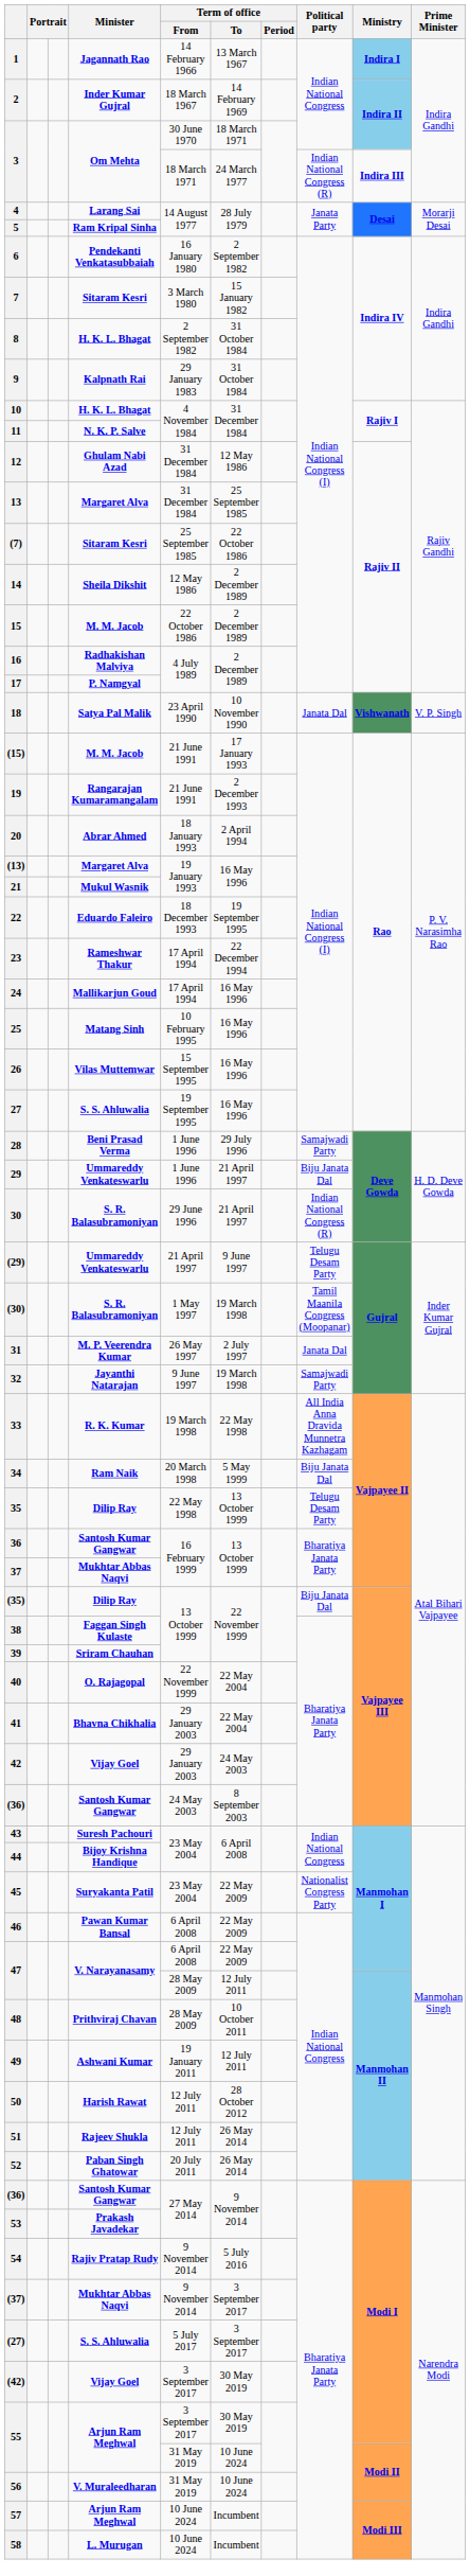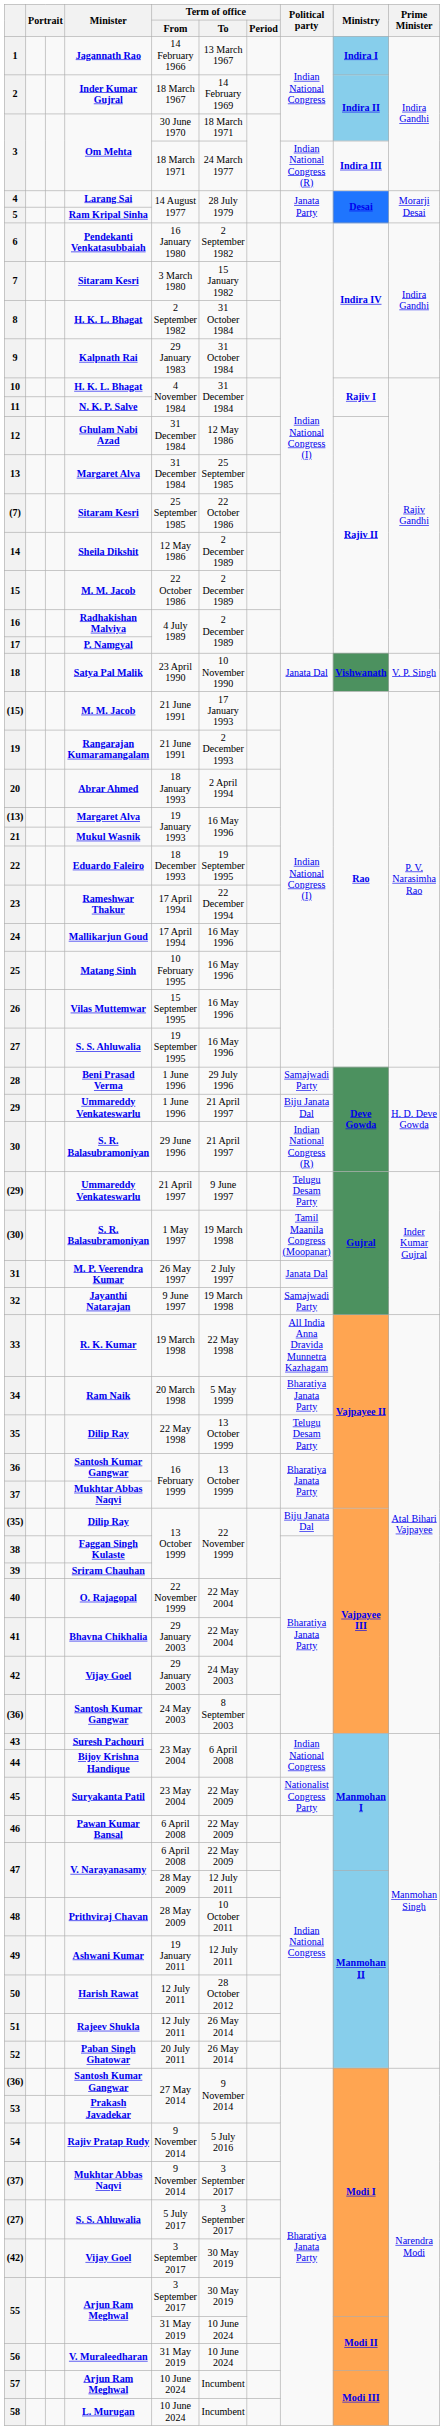 <table class="wikitable" style="text-align:center">
 <tr>
 <th rowspan="2"></th>
 <th colspan="2" rowspan="2">Portrait</th>
 <th rowspan="2" style="width:18em">Minister<br></th>
 <th colspan="3">Term of office</th>
 <th rowspan="2" style="width:8em">Political party</th>
 <th rowspan="2">Ministry</th>
 <th rowspan="2" style="width:9em">Prime Minister</th>
 </tr>
 <tr>
 <th style="width:7em">From</th>
 <th style="width:7em">To</th>
 <th style="width:5em">Period</th>
 </tr>
 <tr>
 <th>1</th>
 <td></td>
 <td></td>
 <td><strong><a href='#'>Jagannath Rao</a></strong><br></td>
 <td>14 February<br>1966</td>
 <td>13 March<br>1967</td>
 <td><strong></strong></td>
 <td rowspan="3"><a href='#'>Indian National Congress</a></td>
 <td bgcolor="#87CEEB"><strong><a href='#'>Indira I</a></strong></td>
 <td rowspan="4"><a href='#'>Indira Gandhi</a></td>
 </tr>
 <tr>
 <th>2</th>
 <td></td>
 <td></td>
 <td><strong><a href='#'>Inder Kumar Gujral</a></strong><br></td>
 <td>18 March<br>1967</td>
 <td>14 February<br>1969</td>
 <td><strong></strong></td>
 <td rowspan="2" bgcolor="#87CEEB"><strong><a href='#'>Indira II</a></strong></td>
 </tr>
 <tr>
 <th rowspan="2">3</th>
 <td rowspan="2"></td>
 <td rowspan="2"></td>
 <td rowspan="2"><strong><a href='#'>Om Mehta</a></strong><br></td>
 <td>30 June<br>1970</td>
 <td>18 March<br>1971</td>
 <td rowspan="2"><strong></strong></td>
 </tr>
 <tr>
 <td>18 March<br>1971</td>
 <td>24 March<br>1977</td>
 <td><a href='#'>Indian National Congress (R)</a></td>
 <td><strong><a href='#'>Indira III</a></strong></td>
 </tr>
 <tr>
 <th>4</th>
 <td></td>
 <td></td>
 <td><strong><a href='#'>Larang Sai</a></strong><br></td>
 <td rowspan="2">14 August<br>1977</td>
 <td rowspan="2">28 July<br>1979</td>
 <td rowspan="2"><strong></strong></td>
 <td rowspan="2"><a href='#'>Janata Party</a></td>
 <td rowspan="2" bgcolor="#1F75FE"><a href='#'><strong>Desai</strong></a></td>
 <td rowspan="2"><a href='#'>Morarji Desai</a></td>
 </tr>
 <tr>
 <th>5</th>
 <td></td>
 <td></td>
 <td><strong><a href='#'>Ram Kripal Sinha</a></strong><br></td>
 </tr>
 <tr>
 <th>6</th>
 <td></td>
 <td></td>
 <td><strong><a href='#'>Pendekanti Venkatasubbaiah</a></strong><br></td>
 <td>16 January<br>1980</td>
 <td>2 September<br>1982</td>
 <td><strong></strong></td>
 <td rowspan="13"><a href='#'>Indian National Congress (I)</a></td>
 <td rowspan="4"><strong><a href='#'>Indira IV</a></strong></td>
 <td rowspan="4"><a href='#'>Indira Gandhi</a></td>
 </tr>
 <tr>
 <th>7</th>
 <td></td>
 <td></td>
 <td><strong><a href='#'>Sitaram Kesri</a></strong><br></td>
 <td>3 March<br>1980</td>
 <td>15 January<br>1982</td>
 <td><strong></strong></td>
 </tr>
 <tr>
 <th>8</th>
 <td></td>
 <td></td>
 <td><strong><a href='#'>H. K. L. Bhagat</a></strong><br></td>
 <td>2 September<br>1982</td>
 <td>31 October<br>1984</td>
 <td><strong></strong></td>
 </tr>
 <tr>
 <th>9</th>
 <td></td>
 <td></td>
 <td><strong><a href='#'>Kalpnath Rai</a></strong><br></td>
 <td>29 January<br>1983</td>
 <td>31 October<br>1984</td>
 <td><strong></strong></td>
 </tr>
 <tr>
 <th>10</th>
 <td></td>
 <td></td>
 <td><strong><a href='#'>H. K. L. Bhagat</a></strong><br></td>
 <td rowspan="2">4 November<br>1984</td>
 <td rowspan="2">31 December<br>1984</td>
 <td rowspan="2"><strong></strong></td>
 <td rowspan="2"><strong><a href='#'>Rajiv I</a></strong></td>
 <td rowspan="9"><a href='#'>Rajiv Gandhi</a></td>
 </tr>
 <tr>
 <th>11</th>
 <td></td>
 <td></td>
 <td><strong><a href='#'>N. K. P. Salve</a></strong><br></td>
 </tr>
 <tr>
 <th>12</th>
 <td></td>
 <td></td>
 <td><strong><a href='#'>Ghulam Nabi Azad</a></strong><br></td>
 <td>31 December<br>1984</td>
 <td>12 May<br>1986</td>
 <td><strong></strong></td>
 <td rowspan="7"><strong><a href='#'>Rajiv II</a></strong></td>
 </tr>
 <tr>
 <th>13</th>
 <td></td>
 <td></td>
 <td><strong><a href='#'>Margaret Alva</a></strong><br></td>
 <td>31 December<br>1984</td>
 <td>25 September<br>1985</td>
 <td><strong></strong></td>
 </tr>
 <tr>
 <th>(7)</th>
 <td></td>
 <td></td>
 <td><strong><a href='#'>Sitaram Kesri</a></strong><br></td>
 <td>25 September<br>1985</td>
 <td>22 October<br>1986</td>
 <td><strong></strong></td>
 </tr>
 <tr>
 <th>14</th>
 <td></td>
 <td></td>
 <td><strong><a href='#'>Sheila Dikshit</a></strong><br></td>
 <td>12 May<br>1986</td>
 <td>2 December<br>1989</td>
 <td><strong></strong></td>
 </tr>
 <tr>
 <th>15</th>
 <td></td>
 <td></td>
 <td><strong><a href='#'>M. M. Jacob</a></strong><br></td>
 <td>22 October<br>1986</td>
 <td>2 December<br>1989</td>
 <td><strong></strong></td>
 </tr>
 <tr>
 <th>16</th>
 <td></td>
 <td></td>
 <td><strong><a href='#'>Radhakishan Malviya</a></strong><br></td>
 <td rowspan="2">4 July<br>1989</td>
 <td rowspan="2">2 December<br>1989</td>
 <td rowspan="2"><strong></strong></td>
 </tr>
 <tr>
 <th>17</th>
 <td></td>
 <td></td>
 <td><strong><a href='#'>P. Namgyal</a></strong><br></td>
 </tr>
 <tr>
 <th>18</th>
 <td></td>
 <td></td>
 <td><strong><a href='#'>Satya Pal Malik</a></strong><br></td>
 <td>23 April<br>1990</td>
 <td>10 November<br>1990</td>
 <td><strong></strong></td>
 <td><a href='#'>Janata Dal</a></td>
 <td style="background:#4C915F"><strong><a href='#'>Vishwanath</a></strong></td>
 <td><a href='#'>V. P. Singh</a></td>
 </tr>
 <tr>
 <th>(15)</th>
 <td></td>
 <td></td>
 <td><strong><a href='#'>M. M. Jacob</a></strong><br></td>
 <td>21 June<br>1991</td>
 <td>17 January<br>1993</td>
 <td><strong></strong></td>
 <td rowspan="11"><a href='#'>Indian National Congress (I)</a></td>
 <td rowspan="11"><a href='#'><strong>Rao</strong></a></td>
 <td rowspan="11"><a href='#'>P. V. Narasimha Rao</a></td>
 </tr>
 <tr>
 <th>19</th>
 <td></td>
 <td></td>
 <td><strong><a href='#'>Rangarajan Kumaramangalam</a></strong><br></td>
 <td>21 June<br>1991</td>
 <td>2 December<br>1993</td>
 <td><strong></strong></td>
 </tr>
 <tr>
 <th>20</th>
 <td></td>
 <td></td>
 <td><strong><a href='#'>Abrar Ahmed</a></strong><br></td>
 <td>18 January<br>1993</td>
 <td>2 April<br>1994</td>
 <td><strong></strong></td>
 </tr>
 <tr>
 <th>(13)</th>
 <td></td>
 <td></td>
 <td><strong><a href='#'>Margaret Alva</a></strong><br></td>
 <td rowspan="2">19 January<br>1993</td>
 <td rowspan="2">16 May<br>1996</td>
 <td rowspan="2"><strong></strong></td>
 </tr>
 <tr>
 <th>21</th>
 <td></td>
 <td></td>
 <td><strong><a href='#'>Mukul Wasnik</a></strong><br></td>
 </tr>
 <tr>
 <th>22</th>
 <td></td>
 <td></td>
 <td><strong><a href='#'>Eduardo Faleiro</a></strong><br></td>
 <td>18 December<br>1993</td>
 <td>19 September<br>1995</td>
 <td><strong></strong></td>
 </tr>
 <tr>
 <th>23</th>
 <td></td>
 <td></td>
 <td><strong><a href='#'>Rameshwar Thakur</a></strong><br></td>
 <td>17 April<br>1994</td>
 <td>22 December<br>1994</td>
 <td><strong></strong></td>
 </tr>
 <tr>
 <th>24</th>
 <td></td>
 <td></td>
 <td><strong><a href='#'>Mallikarjun Goud</a></strong><br></td>
 <td>17 April<br>1994</td>
 <td>16 May<br>1996</td>
 <td><strong></strong></td>
 </tr>
 <tr>
 <th>25</th>
 <td></td>
 <td></td>
 <td><strong><a href='#'>Matang Sinh</a></strong><br></td>
 <td>10 February<br>1995</td>
 <td>16 May<br>1996</td>
 <td><strong></strong></td>
 </tr>
 <tr>
 <th>26</th>
 <td></td>
 <td></td>
 <td><strong><a href='#'>Vilas Muttemwar</a></strong><br></td>
 <td>15 September<br>1995</td>
 <td>16 May<br>1996</td>
 <td><strong></strong></td>
 </tr>
 <tr>
 <th>27</th>
 <td></td>
 <td></td>
 <td><strong><a href='#'>S. S. Ahluwalia</a></strong><br></td>
 <td>19 September<br>1995</td>
 <td>16 May<br>1996</td>
 <td><strong></strong></td>
 </tr>
 <tr>
 <th>28</th>
 <td></td>
 <td></td>
 <td><strong><a href='#'>Beni Prasad Verma</a></strong><br></td>
 <td>1 June<br>1996</td>
 <td>29 July<br>1996</td>
 <td><strong></strong></td>
 <td><a href='#'>Samajwadi Party</a></td>
 <td rowspan="3" style="background:#4C915F"><strong><a href='#'>Deve Gowda</a></strong></td>
 <td rowspan="3"><a href='#'>H. D. Deve Gowda</a></td>
 </tr>
 <tr>
 <th>29</th>
 <td></td>
 <td></td>
 <td><strong><a href='#'>Ummareddy Venkateswarlu</a></strong><br></td>
 <td>1 June<br>1996</td>
 <td>21 April<br>1997</td>
 <td><strong></strong></td>
 <td><a href='#'>Biju Janata Dal</a></td>
 </tr>
 <tr>
 <th>30</th>
 <td></td>
 <td></td>
 <td><strong><a href='#'>S. R. Balasubramoniyan</a></strong><br></td>
 <td>29 June<br>1996</td>
 <td>21 April<br>1997</td>
 <td><strong></strong></td>
 <td><a href='#'>Indian National Congress (R)</a></td>
 </tr>
 <tr>
 <th>(29)</th>
 <td></td>
 <td></td>
 <td><strong><a href='#'>Ummareddy Venkateswarlu</a></strong><br></td>
 <td>21 April<br>1997</td>
 <td>9 June<br>1997</td>
 <td><strong></strong></td>
 <td><a href='#'>Telugu Desam Party</a></td>
 <td rowspan="4" style="background:#4C915F"><strong><a href='#'>Gujral</a></strong></td>
 <td rowspan="4"><a href='#'>Inder Kumar Gujral</a></td>
 </tr>
 <tr>
 <th>(30)</th>
 <td></td>
 <td></td>
 <td><strong><a href='#'>S. R. Balasubramoniyan</a></strong><br></td>
 <td>1 May<br>1997</td>
 <td>19 March<br>1998</td>
 <td><strong></strong></td>
 <td><a href='#'>Tamil Maanila Congress (Moopanar)</a></td>
 </tr>
 <tr>
 <th>31</th>
 <td></td>
 <td></td>
 <td><strong><a href='#'>M. P. Veerendra Kumar</a></strong><br></td>
 <td>26 May<br>1997</td>
 <td>2 July<br>1997</td>
 <td><strong></strong></td>
 <td><a href='#'>Janata Dal</a></td>
 </tr>
 <tr>
 <th>32</th>
 <td></td>
 <td></td>
 <td><strong><a href='#'>Jayanthi Natarajan</a></strong><br></td>
 <td>9 June<br>1997</td>
 <td>19 March<br>1998</td>
 <td><strong></strong></td>
 <td><a href='#'>Samajwadi Party</a></td>
 </tr>
 <tr>
 <th>33</th>
 <td></td>
 <td></td>
 <td><strong><a href='#'>R. K. Kumar</a></strong><br></td>
 <td>19 March<br>1998</td>
 <td>22 May<br>1998</td>
 <td><strong></strong></td>
 <td><a href='#'>All India Anna Dravida Munnetra Kazhagam</a></td>
 <td rowspan="5" style="background:#FFA551;"><strong><a href='#'>Vajpayee II</a></strong></td>
 <td rowspan="12"><a href='#'>Atal Bihari Vajpayee</a></td>
 </tr>
 <tr>
 <th>34</th>
 <td></td>
 <td></td>
 <td><strong><a href='#'>Ram Naik</a></strong><br></td>
 <td>20 March<br>1998</td>
 <td>5 May<br>1999</td>
 <td><strong></strong></td>
-<td><a href='#'>Biju Janata Dal</a></td>
+<td><a href='#'>Bharatiya Janata Party</a></td>
 </tr>
 <tr>
 <th>35</th>
 <td></td>
 <td></td>
 <td><strong><a href='#'>Dilip Ray</a></strong><br></td>
 <td>22 May<br>1998</td>
 <td>13 October<br>1999</td>
 <td><strong></strong></td>
 <td><a href='#'>Telugu Desam Party</a></td>
 </tr>
 <tr>
 <th>36</th>
 <td></td>
 <td></td>
 <td><strong><a href='#'>Santosh Kumar Gangwar</a></strong><br></td>
 <td rowspan="2">16 February<br>1999</td>
 <td rowspan="2">13 October<br>1999</td>
 <td rowspan="2"><strong></strong></td>
 <td rowspan="2"><a href='#'>Bharatiya Janata Party</a></td>
 </tr>
 <tr>
 <th>37</th>
 <td></td>
 <td></td>
 <td><strong><a href='#'>Mukhtar Abbas Naqvi</a></strong><br></td>
 </tr>
 <tr>
 <th>(35)</th>
 <td></td>
 <td></td>
 <td><strong><a href='#'>Dilip Ray</a></strong><br></td>
 <td rowspan="3">13 October<br>1999</td>
 <td rowspan="3">22 November<br>1999</td>
 <td rowspan="3"><strong></strong></td>
 <td><a href='#'>Biju Janata Dal</a></td>
 <td rowspan="7" style="background:#FFA551;"><strong><a href='#'>Vajpayee III</a></strong></td>
 </tr>
 <tr>
 <th>38</th>
 <td></td>
 <td></td>
 <td><strong><a href='#'>Faggan Singh Kulaste</a></strong><br></td>
 <td rowspan="6"><a href='#'>Bharatiya Janata Party</a></td>
 </tr>
 <tr>
 <th>39</th>
 <td></td>
 <td></td>
 <td><strong><a href='#'>Sriram Chauhan</a></strong><br></td>
 </tr>
 <tr>
 <th>40</th>
 <td></td>
 <td></td>
 <td><strong><a href='#'>O. Rajagopal</a></strong><br></td>
 <td>22 November<br>1999</td>
 <td>22 May<br>2004</td>
 <td><strong></strong></td>
 </tr>
 <tr>
 <th>41</th>
 <td></td>
 <td></td>
 <td><strong><a href='#'>Bhavna Chikhalia</a></strong><br></td>
 <td>29 January<br>2003</td>
 <td>22 May<br>2004</td>
 <td><strong></strong></td>
 </tr>
 <tr>
 <th>42</th>
 <td></td>
 <td></td>
 <td><strong><a href='#'>Vijay Goel</a></strong><br></td>
 <td>29 January<br>2003</td>
 <td>24 May<br>2003</td>
 <td><strong></strong></td>
 </tr>
 <tr>
 <th>(36)</th>
 <td></td>
 <td></td>
 <td><strong><a href='#'>Santosh Kumar Gangwar</a></strong><br></td>
 <td>24 May<br>2003</td>
 <td>8 September<br>2003</td>
 <td><strong></strong></td>
 </tr>
 <tr>
 <th>43</th>
 <td></td>
 <td></td>
 <td><strong><a href='#'>Suresh Pachouri</a></strong><br></td>
 <td rowspan="2">23 May<br>2004</td>
 <td rowspan="2">6 April<br>2008</td>
 <td rowspan="2"><strong></strong></td>
 <td rowspan="2"><a href='#'>Indian National Congress</a></td>
 <td rowspan="5" bgcolor="#87CEEB"><a href='#'><strong>Manmohan I</strong></a></td>
 <td rowspan="11"><a href='#'>Manmohan Singh</a></td>
 </tr>
 <tr>
 <th>44</th>
 <td></td>
 <td></td>
 <td><strong><a href='#'>Bijoy Krishna Handique</a></strong><br></td>
 </tr>
 <tr>
 <th>45</th>
 <td></td>
 <td></td>
 <td><strong><a href='#'>Suryakanta Patil</a></strong><br></td>
 <td>23 May<br>2004</td>
 <td>22 May<br>2009</td>
 <td><strong></strong></td>
 <td><a href='#'>Nationalist Congress Party</a></td>
 </tr>
 <tr>
 <th>46</th>
 <td></td>
 <td></td>
 <td><strong><a href='#'>Pawan Kumar Bansal</a></strong><br></td>
 <td>6 April<br>2008</td>
 <td>22 May<br>2009</td>
 <td><strong></strong></td>
 <td rowspan="8"><a href='#'>Indian National Congress</a></td>
 </tr>
 <tr>
 <th rowspan="2">47</th>
 <td rowspan="2"></td>
 <td rowspan="2"></td>
 <td rowspan="2"><strong><a href='#'>V. Narayanasamy</a></strong><br></td>
 <td>6 April<br>2008</td>
 <td>22 May<br>2009</td>
 <td><strong></strong></td>
 </tr>
 <tr>
 <td>28 May<br>2009</td>
 <td>12 July<br>2011</td>
 <td><strong></strong></td>
 <td rowspan="6" bgcolor="#87CEEB"><a href='#'><strong>Manmohan II</strong></a></td>
 </tr>
 <tr>
 <th>48</th>
 <td></td>
 <td></td>
 <td><strong><a href='#'>Prithviraj Chavan</a></strong><br></td>
 <td>28 May<br>2009</td>
 <td>10 October<br>2011</td>
 <td><strong></strong></td>
 </tr>
 <tr>
 <th>49</th>
 <td></td>
 <td></td>
 <td><strong><a href='#'>Ashwani Kumar</a></strong><br></td>
 <td>19 January<br>2011</td>
 <td>12 July<br>2011</td>
 <td><strong></strong></td>
 </tr>
 <tr>
 <th>50</th>
 <td></td>
 <td></td>
 <td><strong><a href='#'>Harish Rawat</a></strong><br></td>
 <td>12 July<br>2011</td>
 <td>28 October<br>2012</td>
 <td><strong></strong></td>
 </tr>
 <tr>
 <th>51</th>
 <td></td>
 <td></td>
 <td><strong><a href='#'>Rajeev Shukla</a></strong><br></td>
 <td>12 July<br>2011</td>
 <td>26 May<br>2014</td>
 <td><strong></strong></td>
 </tr>
 <tr>
 <th>52</th>
 <td></td>
 <td></td>
 <td><strong><a href='#'>Paban Singh Ghatowar</a></strong><br></td>
 <td>20 July<br>2011</td>
 <td>26 May<br>2014</td>
 <td><strong></strong></td>
 </tr>
 <tr>
 <th>(36)</th>
 <td></td>
 <td></td>
 <td><strong><a href='#'>Santosh Kumar Gangwar</a></strong><br></td>
 <td rowspan="2">27 May<br>2014</td>
 <td rowspan="2">9 November<br>2014</td>
 <td rowspan="2"><strong></strong></td>
 <td rowspan="11"><a href='#'>Bharatiya Janata Party</a></td>
 <td rowspan="7" style="background:#FFA551;"><strong><a href='#'>Modi I</a></strong></td>
 <td rowspan="11"><a href='#'>Narendra Modi</a></td>
 </tr>
 <tr>
 <th>53</th>
 <td></td>
 <td></td>
 <td><strong><a href='#'>Prakash Javadekar</a></strong><br></td>
 </tr>
 <tr>
 <th>54</th>
 <td></td>
 <td></td>
 <td><strong><a href='#'>Rajiv Pratap Rudy</a></strong><br></td>
 <td>9 November<br>2014</td>
 <td>5 July<br>2016</td>
 <td><strong></strong></td>
 </tr>
 <tr>
 <th>(37)</th>
 <td></td>
 <td></td>
 <td><strong><a href='#'>Mukhtar Abbas Naqvi</a></strong><br></td>
 <td>9 November<br>2014</td>
 <td>3 September<br>2017</td>
 <td><strong></strong></td>
 </tr>
 <tr>
 <th>(27)</th>
 <td></td>
 <td></td>
 <td><strong><a href='#'>S. S. Ahluwalia</a></strong><br></td>
 <td>5 July<br>2017</td>
 <td>3 September<br>2017</td>
 <td><strong></strong></td>
 </tr>
 <tr>
 <th>(42)</th>
 <td></td>
 <td></td>
 <td><strong><a href='#'>Vijay Goel</a></strong><br></td>
 <td>3 September<br>2017</td>
 <td>30 May<br>2019</td>
 <td><strong></strong></td>
 </tr>
 <tr>
 <th rowspan="2">55</th>
 <td rowspan="2"></td>
 <td rowspan="2"></td>
 <td rowspan="2"><strong><a href='#'>Arjun Ram Meghwal</a></strong><br></td>
 <td>3 September<br>2017</td>
 <td>30 May<br>2019</td>
 <td rowspan="2"><strong></strong></td>
 </tr>
 <tr>
 <td>31 May<br>2019</td>
 <td>10 June 2024</td>
 <td rowspan="2" style="background:#FFA551;"><strong><a href='#'>Modi II</a></strong></td>
 </tr>
 <tr>
 <th>56</th>
 <td></td>
 <td></td>
 <td><strong><a href='#'>V. Muraleedharan</a></strong><br></td>
 <td>31 May<br>2019</td>
 <td>10 June 2024</td>
 <td><strong></strong></td>
 </tr>
 <tr>
 <th>57</th>
 <td></td>
 <td></td>
 <td><strong><a href='#'>Arjun Ram Meghwal</a></strong><br></td>
 <td>10 June 2024</td>
 <td>Incumbent</td>
 <td><strong></strong></td>
 <td rowspan="2" style="background:#FFA551;"><strong><a href='#'>Modi III</a></strong></td>
 </tr>
 <tr>
 <th>58</th>
 <td></td>
 <td></td>
 <td><strong><a href='#'>L. Murugan</a></strong><br></td>
 <td>10 June 2024</td>
 <td>Incumbent</td>
 <td><strong></strong></td>
 </tr>
 </table>
